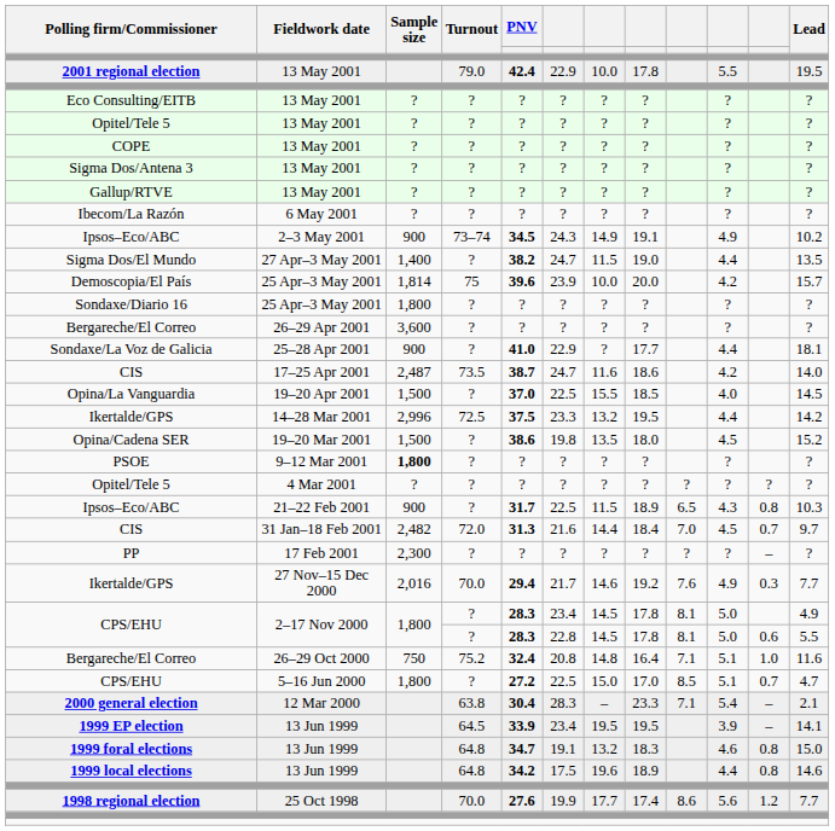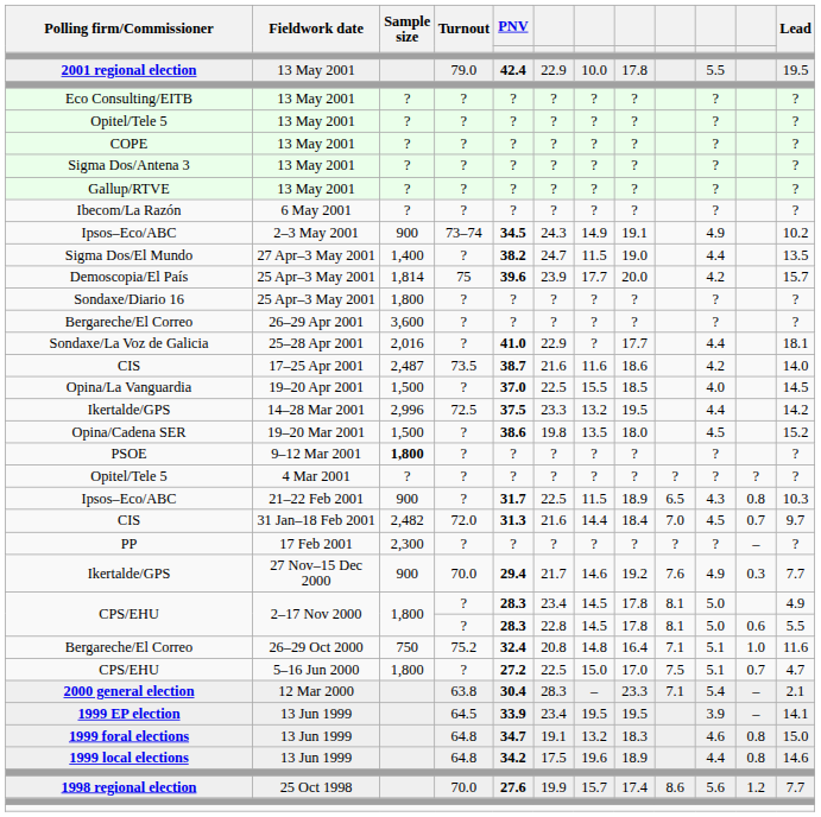 <table class="wikitable collapsible collapsed" style="text-align:center; font-size:95%; line-height:16px;">
 <tr style="height:42px;">
 <th style="width:250px;" rowspan="2">Polling firm/Commissioner</th>
 <th style="width:125px;" rowspan="2">Fieldwork date</th>
 <th style="width:50px;" rowspan="2">Sample size</th>
 <th style="width:45px;" rowspan="2">Turnout</th>
 <th style="width:35px;"><a href='#'>PNV</a></th>
 <th style="width:35px;"></th>
 <th style="width:35px;"></th>
 <th style="width:35px;"></th>
 <th style="width:35px;"></th>
 <th style="width:35px;"></th>
 <th style="width:35px;"></th>
 <th style="width:30px;" rowspan="2">Lead</th>
 </tr>
 <tr>
 <th style="color:inherit;background:"></th>
 <th style="color:inherit;background:"></th>
 <th style="color:inherit;background:"></th>
 <th style="color:inherit;background:"></th>
 <th style="color:inherit;background:"></th>
 <th style="color:inherit;background:"></th>
 <th style="color:inherit;background:"></th>
 </tr>
 <tr>
 <td colspan="12" style="background:#A0A0A0"></td>
 </tr>
 <tr style="background:#EFEFEF;">
 <td><strong><a href='#'>2001 regional election</a></strong></td>
 <td>13 May 2001</td>
 <td></td>
 <td>79.0</td>
 <td><strong>42.4</strong><br></td>
 <td>22.9<br></td>
 <td>10.0<br></td>
 <td>17.8<br></td>
 <td></td>
 <td>5.5<br></td>
 <td></td>
 <td style="background:">19.5</td>
 </tr>
 <tr>
 <td colspan="12" style="background:#A0A0A0"></td>
 </tr>
 <tr style="background:#EAFFEA;">
 <td>Eco Consulting/EITB</td>
 <td>13 May 2001</td>
 <td>?</td>
 <td>?</td>
 <td>?<br></td>
 <td>?<br></td>
 <td>?<br></td>
 <td>?<br></td>
 <td></td>
 <td>?<br></td>
 <td></td>
 <td style="background:">?</td>
 </tr>
 <tr style="background:#EAFFEA;">
 <td>Opitel/Tele 5</td>
 <td>13 May 2001</td>
 <td>?</td>
 <td>?</td>
 <td>?<br></td>
 <td>?<br></td>
 <td>?<br></td>
 <td>?<br></td>
 <td></td>
 <td>?<br></td>
 <td></td>
 <td style="background:">?</td>
 </tr>
 <tr style="background:#EAFFEA;">
 <td>COPE</td>
 <td>13 May 2001</td>
 <td>?</td>
 <td>?</td>
 <td>?<br></td>
 <td>?<br></td>
 <td>?<br></td>
 <td>?<br></td>
 <td></td>
 <td>?<br></td>
 <td></td>
 <td style="background:">?</td>
 </tr>
 <tr style="background:#EAFFEA;">
 <td>Sigma Dos/Antena 3</td>
 <td>13 May 2001</td>
 <td>?</td>
 <td>?</td>
 <td>?<br></td>
 <td>?<br></td>
 <td>?<br></td>
 <td>?<br></td>
 <td></td>
 <td>?<br></td>
 <td></td>
 <td style="background:">?</td>
 </tr>
 <tr style="background:#EAFFEA;">
 <td>Gallup/RTVE</td>
 <td>13 May 2001</td>
 <td>?</td>
 <td>?</td>
 <td>?<br></td>
 <td>?<br></td>
 <td>?<br></td>
 <td>?<br></td>
 <td></td>
 <td>?<br></td>
 <td></td>
 <td style="background:">?</td>
 </tr>
 <tr>
 <td>Ibecom/La Razón</td>
 <td>6 May 2001</td>
 <td>?</td>
 <td>?</td>
 <td>?<br></td>
 <td>?<br></td>
 <td>?<br></td>
 <td>?<br></td>
 <td></td>
 <td>?<br></td>
 <td></td>
 <td style="background:">?</td>
 </tr>
 <tr>
 <td>Ipsos–Eco/ABC</td>
 <td>2–3 May 2001</td>
 <td>900</td>
 <td>73–74</td>
 <td><strong>34.5</strong><br></td>
 <td>24.3<br></td>
 <td>14.9<br></td>
 <td>19.1<br></td>
 <td></td>
 <td>4.9<br></td>
 <td></td>
 <td style="background:">10.2</td>
 </tr>
 <tr>
 <td>Sigma Dos/El Mundo</td>
 <td>27 Apr–3 May 2001</td>
 <td>1,400</td>
 <td>?</td>
 <td><strong>38.2</strong><br></td>
 <td>24.7<br></td>
 <td>11.5<br></td>
 <td>19.0<br></td>
 <td></td>
 <td>4.4<br></td>
 <td></td>
 <td style="background:">13.5</td>
 </tr>
 <tr>
 <td>Demoscopia/El País</td>
 <td>25 Apr–3 May 2001</td>
 <td>1,814</td>
 <td>75</td>
 <td><strong>39.6</strong><br></td>
 <td>23.9<br></td>
-<td>10.0<br></td>
+<td>17.7<br></td>
 <td>20.0<br></td>
 <td></td>
 <td>4.2<br></td>
 <td></td>
 <td style="background:">15.7</td>
 </tr>
 <tr>
 <td>Sondaxe/Diario 16</td>
 <td>25 Apr–3 May 2001</td>
 <td>1,800</td>
 <td>?</td>
 <td>?<br></td>
 <td>?<br></td>
 <td>?<br></td>
 <td>?<br></td>
 <td></td>
 <td>?<br></td>
 <td></td>
 <td style="background:">?</td>
 </tr>
 <tr>
 <td>Bergareche/El Correo</td>
 <td>26–29 Apr 2001</td>
 <td>3,600</td>
 <td>?</td>
 <td>?<br></td>
 <td>?<br></td>
 <td>?<br></td>
 <td>?<br></td>
 <td></td>
 <td>?<br></td>
 <td></td>
 <td style="background:">?</td>
 </tr>
 <tr>
 <td>Sondaxe/La Voz de Galicia</td>
 <td>25–28 Apr 2001</td>
-<td>900</td>
+<td>2,016</td>
 <td>?</td>
 <td><strong>41.0</strong><br></td>
 <td>22.9<br></td>
 <td>?<br></td>
 <td>17.7<br></td>
 <td></td>
 <td>4.4<br></td>
 <td></td>
 <td style="background:">18.1</td>
 </tr>
 <tr>
 <td>CIS</td>
 <td>17–25 Apr 2001</td>
 <td>2,487</td>
 <td>73.5</td>
 <td><strong>38.7</strong><br></td>
-<td>24.7<br></td>
+<td>21.6<br></td>
 <td>11.6<br></td>
 <td>18.6<br></td>
 <td></td>
 <td>4.2<br></td>
 <td></td>
 <td style="background:">14.0</td>
 </tr>
 <tr>
 <td>Opina/La Vanguardia</td>
 <td>19–20 Apr 2001</td>
 <td>1,500</td>
 <td>?</td>
 <td><strong>37.0</strong><br></td>
 <td>22.5<br></td>
 <td>15.5<br></td>
 <td>18.5<br></td>
 <td></td>
 <td>4.0<br></td>
 <td></td>
 <td style="background:">14.5</td>
 </tr>
 <tr>
 <td>Ikertalde/GPS</td>
 <td>14–28 Mar 2001</td>
 <td>2,996</td>
 <td>72.5</td>
 <td><strong>37.5</strong><br></td>
 <td>23.3<br></td>
 <td>13.2<br></td>
 <td>19.5<br></td>
 <td></td>
 <td>4.4<br></td>
 <td></td>
 <td style="background:">14.2</td>
 </tr>
 <tr>
 <td>Opina/Cadena SER</td>
 <td>19–20 Mar 2001</td>
 <td>1,500</td>
 <td>?</td>
 <td><strong>38.6</strong><br></td>
 <td>19.8<br></td>
 <td>13.5<br></td>
 <td>18.0<br></td>
 <td></td>
 <td>4.5<br></td>
 <td></td>
 <td style="background:">15.2</td>
 </tr>
 <tr>
 <td>PSOE</td>
 <td>9–12 Mar 2001</td>
 <td><strong>1,800</strong></td>
 <td>?</td>
 <td>?<br></td>
 <td>?<br></td>
 <td>?<br></td>
 <td>?<br></td>
 <td></td>
 <td>?<br></td>
 <td></td>
 <td style="background:">?</td>
 </tr>
 <tr>
 <td>Opitel/Tele 5</td>
 <td>4 Mar 2001</td>
 <td>?</td>
 <td>?</td>
 <td>?<br></td>
 <td>?<br></td>
 <td>?<br></td>
 <td>?<br></td>
 <td>?<br></td>
 <td>?<br></td>
 <td>?<br></td>
 <td style="background:">?</td>
 </tr>
 <tr>
 <td>Ipsos–Eco/ABC</td>
 <td>21–22 Feb 2001</td>
 <td>900</td>
 <td>?</td>
 <td><strong>31.7</strong><br></td>
 <td>22.5<br></td>
 <td>11.5<br></td>
 <td>18.9<br></td>
 <td>6.5<br></td>
 <td>4.3<br></td>
 <td>0.8<br></td>
 <td style="background:">10.3</td>
 </tr>
 <tr>
 <td>CIS</td>
 <td>31 Jan–18 Feb 2001</td>
 <td>2,482</td>
 <td>72.0</td>
 <td><strong>31.3</strong><br></td>
 <td>21.6<br></td>
 <td>14.4<br></td>
 <td>18.4<br></td>
 <td>7.0<br></td>
 <td>4.5<br></td>
 <td>0.7<br></td>
 <td style="background:">9.7</td>
 </tr>
 <tr>
 <td>PP</td>
 <td>17 Feb 2001</td>
 <td>2,300</td>
 <td>?</td>
 <td>?<br></td>
 <td>?<br></td>
 <td>?<br></td>
 <td>?<br></td>
 <td>?<br></td>
 <td>?<br></td>
 <td>–</td>
 <td style="background:">?</td>
 </tr>
 <tr>
 <td>Ikertalde/GPS</td>
 <td>27 Nov–15 Dec 2000</td>
-<td>2,016</td>
+<td>900</td>
 <td>70.0</td>
 <td><strong>29.4</strong><br></td>
 <td>21.7<br></td>
 <td>14.6<br></td>
 <td>19.2<br></td>
 <td>7.6<br></td>
 <td>4.9<br></td>
 <td>0.3<br></td>
 <td style="background:">7.7</td>
 </tr>
 <tr>
 <td rowspan="2">CPS/EHU</td>
 <td rowspan="2">2–17 Nov 2000</td>
 <td rowspan="2">1,800</td>
 <td>?</td>
 <td><strong>28.3</strong><br></td>
 <td>23.4<br></td>
 <td>14.5<br></td>
 <td>17.8<br></td>
 <td>8.1<br></td>
 <td>5.0<br></td>
 <td></td>
 <td style="background:">4.9</td>
 </tr>
 <tr>
 <td>?</td>
 <td><strong>28.3</strong><br></td>
 <td>22.8<br></td>
 <td>14.5<br></td>
 <td>17.8<br></td>
 <td>8.1<br></td>
 <td>5.0<br></td>
 <td>0.6<br></td>
 <td style="background:">5.5</td>
 </tr>
 <tr>
 <td>Bergareche/El Correo</td>
 <td>26–29 Oct 2000</td>
 <td>750</td>
 <td>75.2</td>
 <td><strong>32.4</strong><br></td>
 <td>20.8<br></td>
 <td>14.8<br></td>
 <td>16.4<br></td>
 <td>7.1<br></td>
 <td>5.1<br></td>
 <td>1.0<br></td>
 <td style="background:">11.6</td>
 </tr>
 <tr>
 <td>CPS/EHU</td>
 <td>5–16 Jun 2000</td>
 <td>1,800</td>
 <td>?</td>
 <td><strong>27.2</strong><br></td>
 <td>22.5<br></td>
 <td>15.0<br></td>
 <td>17.0<br></td>
-<td>8.5<br></td>
+<td>7.5<br></td>
 <td>5.1<br></td>
 <td>0.7<br></td>
 <td style="background:">4.7</td>
 </tr>
 <tr style="background:#EFEFEF;">
 <td><strong><a href='#'>2000 general election</a></strong></td>
 <td>12 Mar 2000</td>
 <td></td>
 <td>63.8</td>
 <td><strong>30.4</strong><br></td>
 <td>28.3<br></td>
 <td>–</td>
 <td>23.3<br></td>
 <td>7.1<br></td>
 <td>5.4<br></td>
 <td>–</td>
 <td style="background:">2.1</td>
 </tr>
 <tr style="background:#EFEFEF;">
 <td><strong><a href='#'>1999 EP election</a></strong></td>
 <td>13 Jun 1999</td>
 <td></td>
 <td>64.5</td>
 <td><strong>33.9</strong><br></td>
 <td>23.4<br></td>
 <td>19.5<br></td>
 <td>19.5<br></td>
 <td></td>
 <td>3.9<br></td>
 <td>–</td>
 <td style="background:">14.1</td>
 </tr>
 <tr style="background:#EFEFEF;">
 <td><strong><a href='#'>1999 foral elections</a></strong></td>
 <td>13 Jun 1999</td>
 <td></td>
 <td>64.8</td>
 <td><strong>34.7</strong><br></td>
 <td>19.1<br></td>
 <td>13.2<br></td>
 <td>18.3<br></td>
 <td></td>
 <td>4.6<br></td>
 <td>0.8<br></td>
 <td style="background:">15.0</td>
 </tr>
 <tr style="background:#EFEFEF;">
 <td><strong><a href='#'>1999 local elections</a></strong></td>
 <td>13 Jun 1999</td>
 <td></td>
 <td>64.8</td>
 <td><strong>34.2</strong></td>
 <td>17.5</td>
 <td>19.6</td>
 <td>18.9</td>
 <td></td>
 <td>4.4</td>
 <td>0.8</td>
 <td style="background:">14.6</td>
 </tr>
 <tr>
 <td colspan="12" style="background:#A0A0A0"></td>
 </tr>
 <tr style="background:#EFEFEF;">
 <td><strong><a href='#'>1998 regional election</a></strong></td>
 <td>25 Oct 1998</td>
 <td></td>
 <td>70.0</td>
 <td><strong>27.6</strong><br></td>
 <td>19.9<br></td>
-<td>17.7<br></td>
+<td>15.7<br></td>
 <td>17.4<br></td>
 <td>8.6<br></td>
 <td>5.6<br></td>
 <td>1.2<br></td>
 <td style="background:">7.7</td>
 </tr>
 <tr>
 <td colspan="12" style="background:#A0A0A0"></td>
 </tr>
 <tr>
 <td colspan="12"></td>
 </tr>
 </table>
